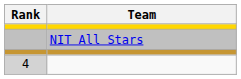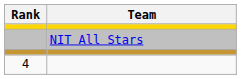 <table class="wikitable" style="text-align:center;">
 <tr>
 <th width=40>Rank</th>
 <th width=200>Team</th>
 </tr>
 <tr bgcolor="gold">
 <td></td>
 <td style="text-align:left;"></td>
 </tr>
 <tr bgcolor="silver">
 <td></td>
 <td style="text-align:left;"> <a href='#'>NIT All Stars</a></td>
 </tr>
 <tr bgcolor="#C69633">
 <td></td>
 <td style="text-align:left;"></td>
 </tr>
 <tr>
-<td style="background: lightgrey;">4</td>
+<td>4</td>
 <td style="text-align:left;"></td>
 </tr>
 </table>
